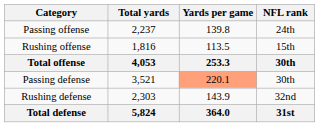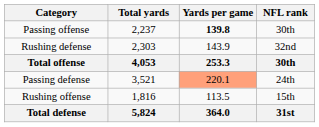 <table class="wikitable" style="text-align:center">
 <tr>
 <th width="150">Category</th>
 <th width="100">Total yards</th>
 <th width="110">Yards per game</th>
 <th width="80">NFL rank<br></th>
 </tr>
 <tr>
 <td>Passing offense</td>
 <td>2,237</td>
-<td>139.8</td>
-<td>24th</td>
+<td><strong>139.8</strong></td>
+<td>30th</td>
 </tr>
 <tr>
-<td>Rushing offense</td>
-<td>1,816</td>
-<td>113.5</td>
-<td>15th</td>
+<td>Rushing defense</td>
+<td>2,303</td>
+<td>143.9</td>
+<td>32nd</td>
 </tr>
 <tr>
 <th>Total offense</th>
 <th>4,053</th>
 <th>253.3</th>
 <th>30th</th>
 </tr>
 <tr>
 <td>Passing defense</td>
 <td>3,521</td>
 <td style="background: lightsalmon;">220.1</td>
-<td>30th</td>
+<td>24th</td>
 </tr>
 <tr>
-<td>Rushing defense</td>
-<td>2,303</td>
-<td>143.9</td>
-<td>32nd</td>
+<td>Rushing offense</td>
+<td>1,816</td>
+<td>113.5</td>
+<td>15th</td>
 </tr>
 <tr>
 <th>Total defense</th>
 <th>5,824</th>
 <th>364.0</th>
 <th>31st</th>
 </tr>
 </table>
